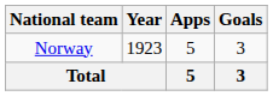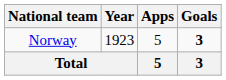 <table class=wikitable style=text-align:center>
 <tr>
 <th>National team</th>
 <th>Year</th>
 <th>Apps</th>
 <th>Goals</th>
 </tr>
 <tr>
 <td rowspan="1"><a href='#'>Norway</a></td>
 <td>1923</td>
 <td>5</td>
-<td>3</td>
+<td><strong>3</strong></td>
 </tr>
 <tr>
 <th colspan="2">Total</th>
 <th>5</th>
 <th>3</th>
 </tr>
 </table>
